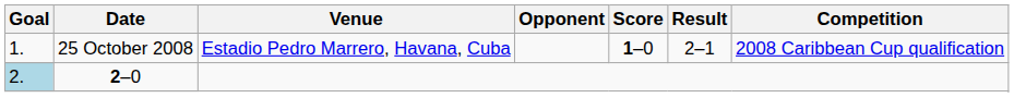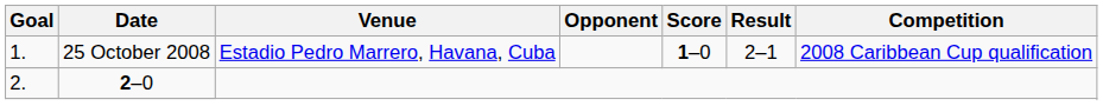 <table class="wikitable collapsible">
 <tr>
 <th>Goal</th>
 <th>Date</th>
 <th>Venue</th>
 <th>Opponent</th>
 <th>Score</th>
 <th>Result</th>
 <th>Competition</th>
 </tr>
 <tr>
 <td>1.</td>
 <td rowspan=2>25 October 2008</td>
 <td rowspan=2><a href='#'>Estadio Pedro Marrero</a>, <a href='#'>Havana</a>, <a href='#'>Cuba</a></td>
 <td rowspan=2></td>
 <td style="text-align:center;"><strong>1</strong>–0</td>
 <td rowspan=2 style="text-align:center;">2–1</td>
 <td rowspan=2><a href='#'>2008 Caribbean Cup qualification</a></td>
 </tr>
 <tr>
 </tr>
 <tr>
-<td style="background: lightblue;">2.</td>
+<td>2.</td>
 <td style="text-align:center;"><strong>2</strong>–0</td>
 </tr>
 <tr>
 </tr>
 </table>
